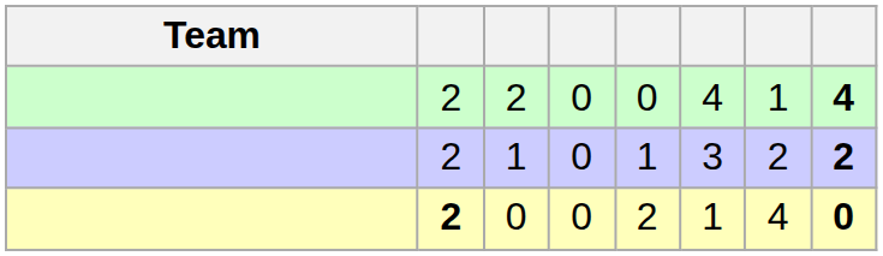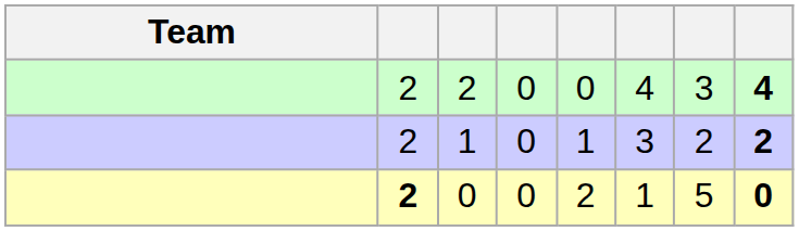 <table class="wikitable" style="text-align:center;">
 <tr>
 <th width=165>Team</th>
 <th width=20></th>
 <th width=20></th>
 <th width=20></th>
 <th width=20></th>
 <th width=20></th>
 <th width=20></th>
 <th width=20></th>
 </tr>
 <tr style="background:#cfc;">
 <td align="left"></td>
 <td>2</td>
 <td>2</td>
 <td>0</td>
 <td>0</td>
 <td>4</td>
-<td>1</td>
+<td>3</td>
 <td><strong>4</strong></td>
 </tr>
 <tr style="background:#ccccff;">
 <td align="left"></td>
 <td>2</td>
 <td>1</td>
 <td>0</td>
 <td>1</td>
 <td>3</td>
 <td>2</td>
 <td><strong>2</strong></td>
 </tr>
 <tr style="background:#FFFFBB">
 <td align="left"></td>
 <td><strong>2</strong></td>
 <td>0</td>
 <td>0</td>
 <td>2</td>
 <td>1</td>
-<td>4</td>
+<td>5</td>
 <td><strong>0</strong></td>
 </tr>
 </table>
